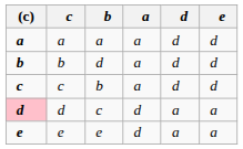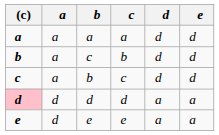 <table class="wikitable" border="1" width="20%" style="margin:1em auto;">
 <tr>
 <th>(c)</th>
+<th>  <em>a</em></th>
+<th>  <em>b</em></th>
 <th>  <em>c</em></th>
-<th>  <em>b</em></th>
-<th>  <em>a</em></th>
 <th>  <em>d</em></th>
 <th>  <em>e</em></th>
 </tr>
 <tr>
 <td>  <strong> <em>a</em> </strong></td>
 <td>  <em>a</em></td>
 <td>  <em>a</em></td>
 <td>  <em>a</em></td>
 <td>  <em>d</em></td>
 <td>  <em>d</em></td>
 </tr>
 <tr>
 <td>  <strong> <em>b</em> </strong></td>
+<td>  <em>a</em></td>
+<td>  <em>c</em></td>
 <td>  <em>b</em></td>
-<td>  <em>d</em></td>
-<td>  <em>a</em></td>
 <td>  <em>d</em></td>
 <td>  <em>d</em></td>
 </tr>
 <tr>
 <td>  <strong> <em>c</em> </strong></td>
+<td>  <em>a</em></td>
+<td>  <em>b</em></td>
 <td>  <em>c</em></td>
-<td>  <em>b</em></td>
-<td>  <em>a</em></td>
 <td>  <em>d</em></td>
 <td>  <em>d</em></td>
 </tr>
 <tr>
 <td style="background: pink;">  <strong> <em>d</em> </strong></td>
 <td>  <em>d</em></td>
-<td>  <em>c</em></td>
+<td>  <em>d</em></td>
 <td>  <em>d</em></td>
 <td>  <em>a</em></td>
 <td>  <em>a</em></td>
 </tr>
 <tr>
 <td>  <strong> <em>e</em> </strong></td>
+<td>  <em>d</em></td>
 <td>  <em>e</em></td>
 <td>  <em>e</em></td>
-<td>  <em>d</em></td>
 <td>  <em>a</em></td>
 <td>  <em>a</em></td>
 </tr>
 </table>
